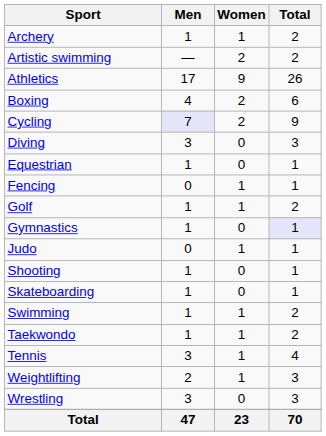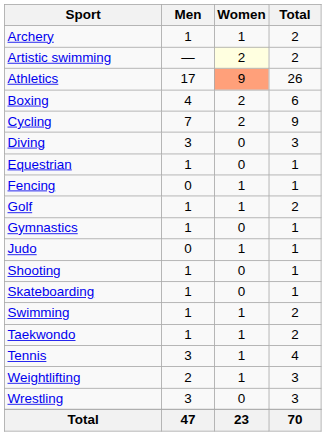 <table class="wikitable sortable" style="text-align:center;">
 <tr>
 <th width=180>Sport</th>
 <th width=55>Men</th>
 <th width=55>Women</th>
 <th width=55>Total</th>
 </tr>
 <tr>
 <td align=left><a href='#'>Archery</a></td>
 <td>1</td>
 <td>1</td>
 <td>2</td>
 </tr>
 <tr>
 <td align=left><a href='#'>Artistic swimming</a></td>
 <td>—</td>
-<td>2</td>
+<td style="background: lightyellow;">2</td>
 <td>2</td>
 </tr>
 <tr>
 <td align=left><a href='#'>Athletics</a></td>
 <td>17</td>
-<td>9</td>
+<td style="background: lightsalmon;">9</td>
 <td>26</td>
 </tr>
 <tr>
 <td align=left><a href='#'>Boxing</a></td>
 <td>4</td>
 <td>2</td>
 <td>6</td>
 </tr>
 <tr>
 <td align=left><a href='#'>Cycling</a></td>
-<td style="background: lavender;">7</td>
+<td>7</td>
 <td>2</td>
 <td>9</td>
 </tr>
 <tr>
 <td align=left><a href='#'>Diving</a></td>
 <td>3</td>
 <td>0</td>
 <td>3</td>
 </tr>
 <tr>
 <td align=left><a href='#'>Equestrian</a></td>
 <td>1</td>
 <td>0</td>
 <td>1</td>
 </tr>
 <tr>
 <td align=left><a href='#'>Fencing</a></td>
 <td>0</td>
 <td>1</td>
 <td>1</td>
 </tr>
 <tr>
 <td align=left><a href='#'>Golf</a></td>
 <td>1</td>
 <td>1</td>
 <td>2</td>
 </tr>
 <tr>
 <td align=left><a href='#'>Gymnastics</a></td>
 <td>1</td>
 <td>0</td>
-<td style="background: lavender;">1</td>
+<td>1</td>
 </tr>
 <tr>
 <td align=left><a href='#'>Judo</a></td>
 <td>0</td>
 <td>1</td>
 <td>1</td>
 </tr>
 <tr>
 <td align=left><a href='#'>Shooting</a></td>
 <td>1</td>
 <td>0</td>
 <td>1</td>
 </tr>
 <tr>
 <td align=left><a href='#'>Skateboarding</a></td>
 <td>1</td>
 <td>0</td>
 <td>1</td>
 </tr>
 <tr>
 <td align=left><a href='#'>Swimming</a></td>
 <td>1</td>
 <td>1</td>
 <td>2</td>
 </tr>
 <tr>
 <td align=left><a href='#'>Taekwondo</a></td>
 <td>1</td>
 <td>1</td>
 <td>2</td>
 </tr>
 <tr>
 <td align=left><a href='#'>Tennis</a></td>
 <td>3</td>
 <td>1</td>
 <td>4</td>
 </tr>
 <tr>
 <td align=left><a href='#'>Weightlifting</a></td>
 <td>2</td>
 <td>1</td>
 <td>3</td>
 </tr>
 <tr>
 <td align=left><a href='#'>Wrestling</a></td>
 <td>3</td>
 <td>0</td>
 <td>3</td>
 </tr>
 <tr>
 </tr>
 <tr class="sortbottom">
 <th>Total</th>
 <th>47</th>
 <th>23</th>
 <th>70</th>
 </tr>
 </table>
